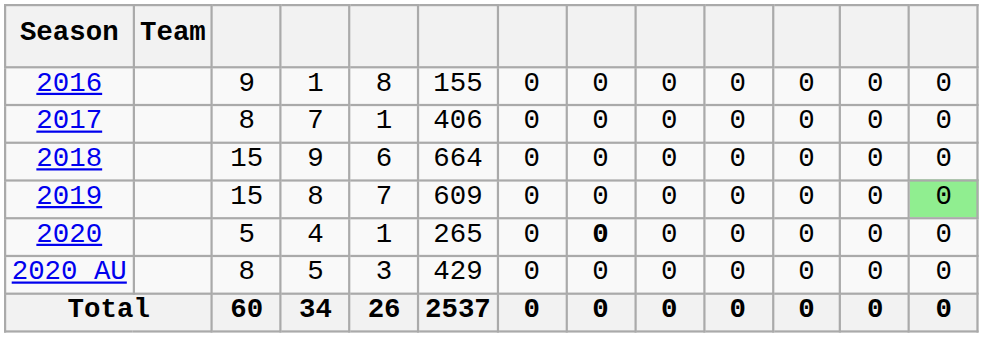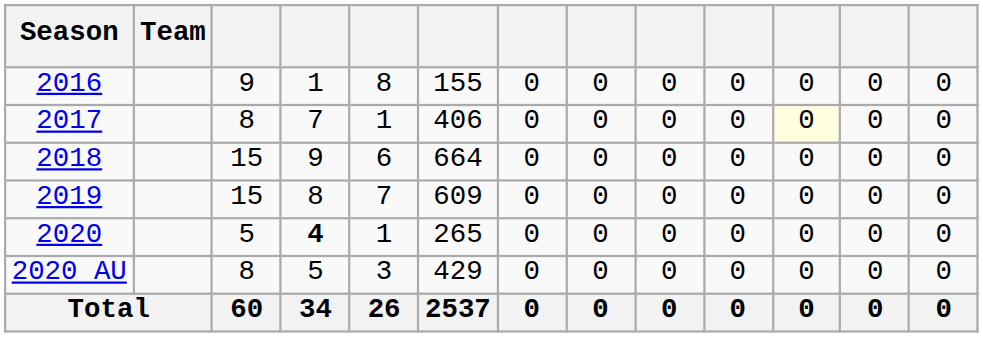 <table class="wikitable" style="text-align:center; line-height:90%; font-size:95%;">
 <tr style="line-height:175%;">
 <th>Season</th>
 <th>Team</th>
 <th style="width:25px;"></th>
 <th style="width:25px;"></th>
 <th style="width:25px;"></th>
 <th style="width:25px;"></th>
 <th style="width:25px;"></th>
 <th style="width:25px;"></th>
 <th style="width:25px;"></th>
 <th style="width:25px;"></th>
 <th style="width:25px;"></th>
 <th style="width:25px;"></th>
 <th style="width:25px;"></th>
 </tr>
 <tr>
 <td><a href='#'>2016</a></td>
 <td></td>
 <td>9</td>
 <td>1</td>
 <td>8</td>
 <td>155</td>
 <td>0</td>
 <td>0</td>
 <td>0</td>
 <td>0</td>
 <td>0</td>
 <td>0</td>
 <td>0</td>
 </tr>
 <tr>
 <td><a href='#'>2017</a></td>
 <td></td>
 <td>8</td>
 <td>7</td>
 <td>1</td>
 <td>406</td>
 <td>0</td>
 <td>0</td>
 <td>0</td>
 <td>0</td>
-<td>0</td>
+<td style="background: lightyellow;">0</td>
 <td>0</td>
 <td>0</td>
 </tr>
 <tr>
 <td><a href='#'>2018</a></td>
 <td></td>
 <td>15</td>
 <td>9</td>
 <td>6</td>
 <td>664</td>
 <td>0</td>
 <td>0</td>
 <td>0</td>
 <td>0</td>
 <td>0</td>
 <td>0</td>
 <td>0</td>
 </tr>
 <tr>
 <td><a href='#'>2019</a></td>
 <td></td>
 <td>15</td>
 <td>8</td>
 <td>7</td>
 <td>609</td>
 <td>0</td>
 <td>0</td>
 <td>0</td>
 <td>0</td>
 <td>0</td>
 <td>0</td>
-<td style="background: lightgreen;">0</td>
+<td>0</td>
 </tr>
 <tr>
 <td><a href='#'>2020</a></td>
 <td></td>
 <td>5</td>
-<td>4</td>
+<td><strong>4</strong></td>
 <td>1</td>
 <td>265</td>
 <td>0</td>
-<td><strong>0</strong></td>
+<td>0</td>
 <td>0</td>
 <td>0</td>
 <td>0</td>
 <td>0</td>
 <td>0</td>
 </tr>
 <tr>
 <td><a href='#'>2020 AU</a></td>
 <td></td>
 <td>8</td>
 <td>5</td>
 <td>3</td>
 <td>429</td>
 <td>0</td>
 <td>0</td>
 <td>0</td>
 <td>0</td>
 <td>0</td>
 <td>0</td>
 <td>0</td>
 </tr>
 <tr>
 <th colspan="2">Total</th>
 <th>60</th>
 <th>34</th>
 <th>26</th>
 <th>2537</th>
 <th>0</th>
 <th>0</th>
 <th>0</th>
 <th>0</th>
 <th>0</th>
 <th>0</th>
 <th>0</th>
 </tr>
 </table>
